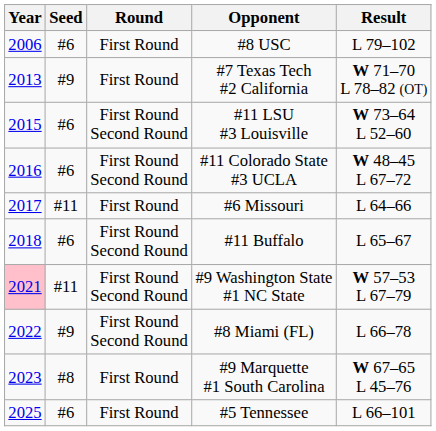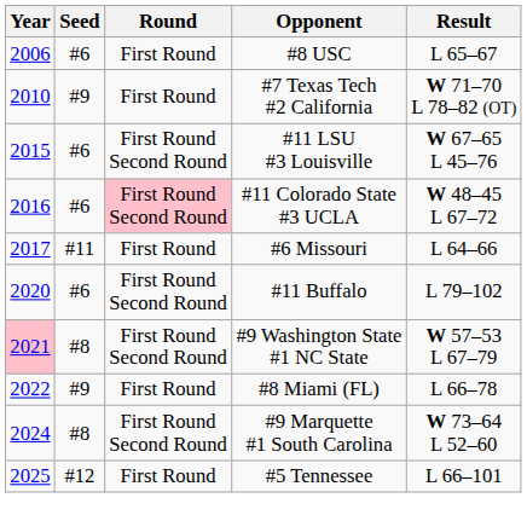 <table class="wikitable sortable" style="text-align:center;">
 <tr>
 <th style="text-align:center;">Year</th>
 <th style="text-align:center;">Seed</th>
 <th style="text-align:center;">Round</th>
 <th style="text-align:center;">Opponent</th>
 <th style="text-align:center;">Result</th>
 </tr>
 <tr>
 <td><a href='#'>2006</a></td>
 <td>#6</td>
 <td>First Round</td>
 <td>#8 USC</td>
-<td>L 79–102</td>
+<td>L 65–67</td>
 </tr>
 <tr>
-<td><a href='#'>2013</a></td>
+<td><a href='#'>2010</a></td>
 <td>#9</td>
 <td>First Round</td>
 <td>#7 Texas Tech<br>#2 California</td>
 <td><strong>W</strong> 71–70<br>L 78–82 <small>(OT)</small></td>
 </tr>
 <tr>
 <td><a href='#'>2015</a></td>
 <td>#6</td>
 <td>First Round<br>Second Round</td>
 <td>#11 LSU<br>#3 Louisville</td>
-<td><strong>W</strong> 73–64<br>L 52–60</td>
+<td><strong>W</strong> 67–65<br>L 45–76</td>
 </tr>
 <tr>
 <td><a href='#'>2016</a></td>
 <td>#6</td>
-<td>First Round<br>Second Round</td>
+<td style="background: pink;">First Round<br>Second Round</td>
 <td>#11 Colorado State<br>#3 UCLA</td>
 <td><strong>W</strong> 48–45<br>L 67–72</td>
 </tr>
 <tr>
 <td><a href='#'>2017</a></td>
 <td>#11</td>
 <td>First Round</td>
 <td>#6 Missouri</td>
 <td>L 64–66</td>
 </tr>
 <tr>
-<td><a href='#'>2018</a></td>
+<td><a href='#'>2020</a></td>
 <td>#6</td>
 <td>First Round<br>Second Round</td>
 <td>#11 Buffalo</td>
-<td>L 65–67</td>
+<td>L 79–102</td>
 </tr>
 <tr>
 <td style="background: pink;"><a href='#'>2021</a></td>
-<td>#11</td>
+<td>#8</td>
 <td>First Round<br>Second Round</td>
 <td>#9 Washington State<br>#1 NC State</td>
 <td><strong>W</strong> 57–53<br>L 67–79</td>
 </tr>
 <tr>
 <td><a href='#'>2022</a></td>
 <td>#9</td>
-<td>First Round<br>Second Round</td>
+<td>First Round</td>
 <td>#8 Miami (FL)</td>
 <td>L 66–78</td>
 </tr>
 <tr>
-<td><a href='#'>2023</a></td>
+<td><a href='#'>2024</a></td>
 <td>#8</td>
-<td>First Round</td>
+<td>First Round<br>Second Round</td>
 <td>#9 Marquette<br>#1 South Carolina</td>
-<td><strong>W</strong> 67–65<br>L 45–76</td>
+<td><strong>W</strong> 73–64<br>L 52–60</td>
 </tr>
 <tr>
 <td><a href='#'>2025</a></td>
-<td>#6</td>
+<td>#12</td>
 <td>First Round</td>
 <td>#5 Tennessee</td>
 <td>L 66–101</td>
 </tr>
 </table>
